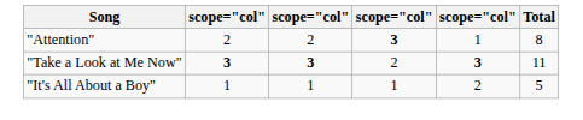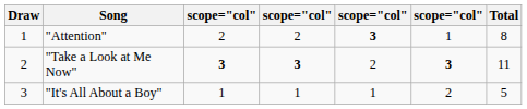 <table class="wikitable collapsible" style="margin: 1em auto 1em auto; text-align:center;">
 <tr>
+<th>Draw</th>
 <th>Song</th>
 <th>scope="col" </th>
 <th>scope="col" </th>
 <th>scope="col" </th>
 <th>scope="col" </th>
 <th>Total</th>
 </tr>
 <tr>
+<td>1</td>
 <td align="left">"Attention"</td>
 <td>2</td>
 <td>2</td>
 <td><strong>3</strong></td>
 <td>1</td>
 <td>8</td>
 </tr>
 <tr>
+<td>2</td>
 <td align="left">"Take a Look at Me Now"</td>
 <td><strong>3</strong></td>
 <td><strong>3</strong></td>
 <td>2</td>
 <td><strong>3</strong></td>
 <td>11</td>
 </tr>
 <tr>
+<td>3</td>
 <td align="left">"It's All About a Boy"</td>
 <td>1</td>
 <td>1</td>
 <td>1</td>
 <td>2</td>
 <td>5</td>
 </tr>
 </table>
